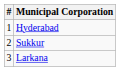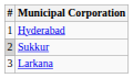 <table class="wikitable">
 <tr>
 <th>#</th>
 <th>Municipal Corporation</th>
 </tr>
 <tr>
 <td>1</td>
 <td><a href='#'>Hyderabad</a></td>
 </tr>
 <tr>
-<td>2</td>
+<td style="background: lightgrey;">2</td>
 <td><a href='#'>Sukkur</a></td>
 </tr>
 <tr>
 <td>3</td>
 <td><a href='#'>Larkana</a></td>
 </tr>
 </table>
